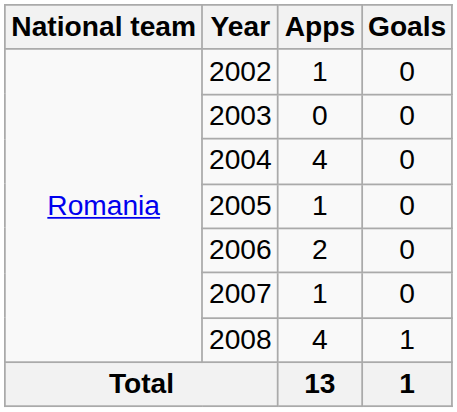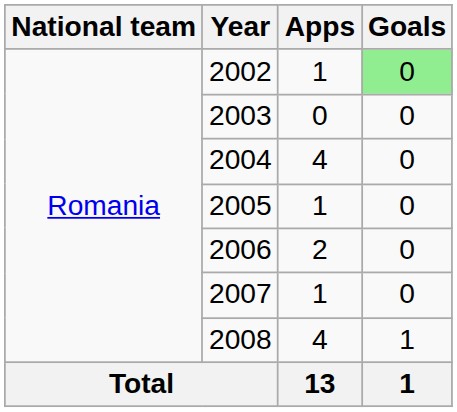 <table class="wikitable" style="text-align:center">
 <tr>
 <th>National team</th>
 <th>Year</th>
 <th>Apps</th>
 <th>Goals</th>
 </tr>
 <tr>
 <td rowspan="7"><a href='#'>Romania</a></td>
 <td>2002</td>
 <td>1</td>
-<td>0</td>
+<td style="background: lightgreen;">0</td>
 </tr>
 <tr>
 <td>2003</td>
 <td>0</td>
 <td>0</td>
 </tr>
 <tr>
 <td>2004</td>
 <td>4</td>
 <td>0</td>
 </tr>
 <tr>
 <td>2005</td>
 <td>1</td>
 <td>0</td>
 </tr>
 <tr>
 <td>2006</td>
 <td>2</td>
 <td>0</td>
 </tr>
 <tr>
 <td>2007</td>
 <td>1</td>
 <td>0</td>
 </tr>
 <tr>
 <td>2008</td>
 <td>4</td>
 <td>1</td>
 </tr>
 <tr>
 <th colspan="2">Total</th>
 <th>13</th>
 <th>1</th>
 </tr>
 </table>
